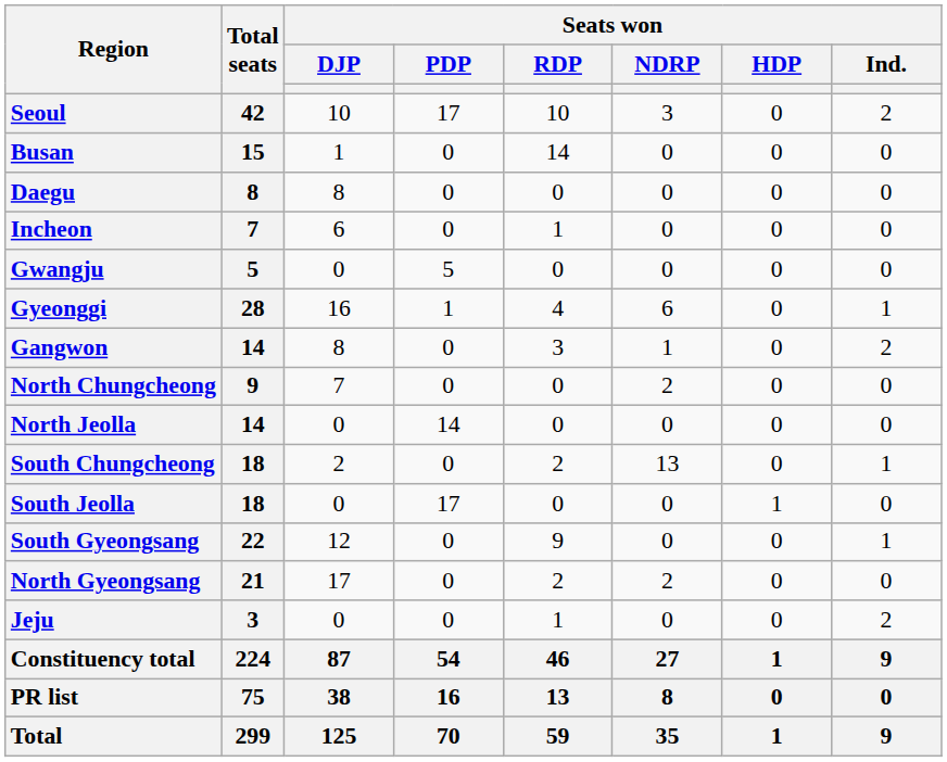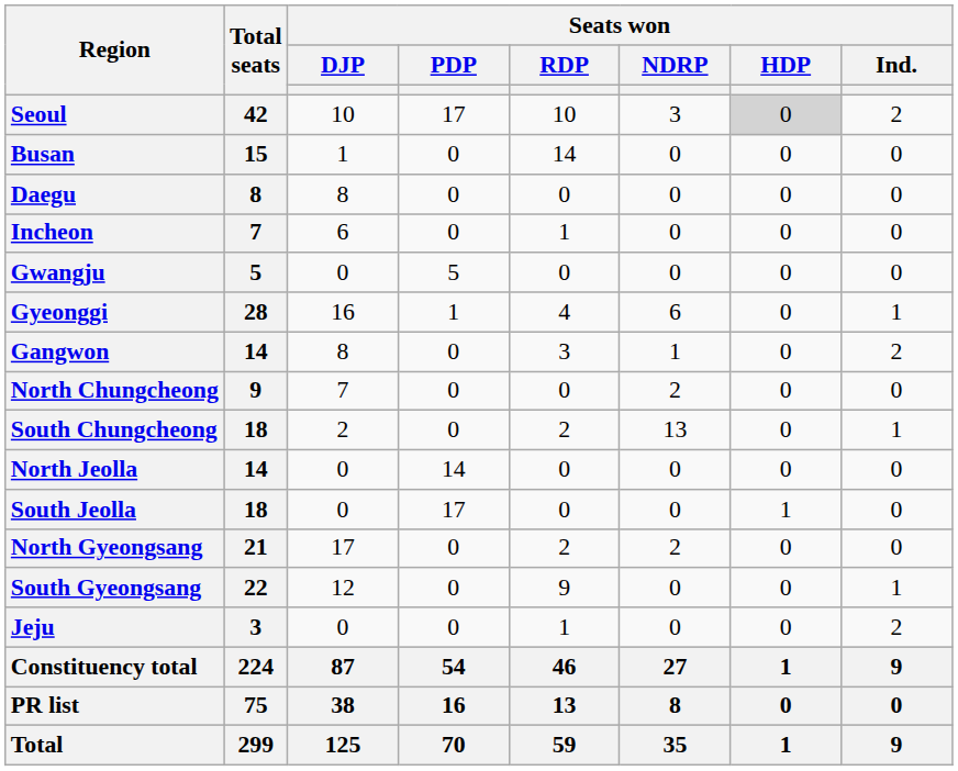 <table class="wikitable" style="text-align:center; font-size: 0.9em">
 <tr>
 <th rowspan="3">Region</th>
 <th rowspan="3">Total<br>seats</th>
 <th colspan="6">Seats won</th>
 </tr>
 <tr>
 <th class="unsortable" style="width:60px"><a href='#'>DJP</a></th>
 <th class="unsortable" style="width:60px"><a href='#'>PDP</a></th>
 <th class="unsortable" style="width:60px"><a href='#'>RDP</a></th>
 <th class="unsortable" style="width:60px"><a href='#'>NDRP</a></th>
 <th class="unsortable" style="width:60px"><a href='#'>HDP</a></th>
 <th class="unsortable" style="width:60px">Ind.</th>
 </tr>
 <tr>
 <th style="background:"></th>
 <th style="background:"></th>
 <th style="background:"></th>
 <th style="background:"></th>
 <th style="background:"></th>
 <th style="background:"></th>
 </tr>
 <tr>
 <th style="text-align: left"><a href='#'>Seoul</a></th>
 <th>42</th>
 <td>10</td>
 <td>17</td>
 <td>10</td>
 <td>3</td>
-<td>0</td>
+<td style="background: lightgrey;">0</td>
 <td>2</td>
 </tr>
 <tr>
 <th style="text-align: left"><a href='#'>Busan</a></th>
 <th>15</th>
 <td>1</td>
 <td>0</td>
 <td>14</td>
 <td>0</td>
 <td>0</td>
 <td>0</td>
 </tr>
 <tr>
 <th style="text-align: left"><a href='#'>Daegu</a></th>
 <th>8</th>
 <td>8</td>
 <td>0</td>
 <td>0</td>
 <td>0</td>
 <td>0</td>
 <td>0</td>
 </tr>
 <tr>
 <th style="text-align: left"><a href='#'>Incheon</a></th>
 <th>7</th>
 <td>6</td>
 <td>0</td>
 <td>1</td>
 <td>0</td>
 <td>0</td>
 <td>0</td>
 </tr>
 <tr>
 <th style="text-align: left"><a href='#'>Gwangju</a></th>
 <th>5</th>
 <td>0</td>
 <td>5</td>
 <td>0</td>
 <td>0</td>
 <td>0</td>
 <td>0</td>
 </tr>
 <tr>
 <th style="text-align: left"><a href='#'>Gyeonggi</a></th>
 <th>28</th>
 <td>16</td>
 <td>1</td>
 <td>4</td>
 <td>6</td>
 <td>0</td>
 <td>1</td>
 </tr>
 <tr>
 <th style="text-align: left"><a href='#'>Gangwon</a></th>
 <th>14</th>
 <td>8</td>
 <td>0</td>
 <td>3</td>
 <td>1</td>
 <td>0</td>
 <td>2</td>
 </tr>
 <tr>
 <th style="text-align: left"><a href='#'>North Chungcheong</a></th>
 <th>9</th>
 <td>7</td>
 <td>0</td>
 <td>0</td>
 <td>2</td>
 <td>0</td>
 <td>0</td>
 </tr>
 <tr>
+<th style="text-align: left"><a href='#'>South Chungcheong</a></th>
+<th>18</th>
+<td>2</td>
+<td>0</td>
+<td>2</td>
+<td>13</td>
+<td>0</td>
+<td>1</td>
+</tr>
+<tr>
 <th style="text-align: left"><a href='#'>North Jeolla</a></th>
 <th>14</th>
 <td>0</td>
 <td>14</td>
 <td>0</td>
 <td>0</td>
 <td>0</td>
 <td>0</td>
-</tr>
-<tr>
-<th style="text-align: left"><a href='#'>South Chungcheong</a></th>
-<th>18</th>
-<td>2</td>
-<td>0</td>
-<td>2</td>
-<td>13</td>
-<td>0</td>
-<td>1</td>
 </tr>
 <tr>
 <th style="text-align: left"><a href='#'>South Jeolla</a></th>
 <th>18</th>
 <td>0</td>
 <td>17</td>
 <td>0</td>
 <td>0</td>
 <td>1</td>
 <td>0</td>
 </tr>
 <tr>
+<th style="text-align: left"><a href='#'>North Gyeongsang</a></th>
+<th>21</th>
+<td>17</td>
+<td>0</td>
+<td>2</td>
+<td>2</td>
+<td>0</td>
+<td>0</td>
+</tr>
+<tr>
 <th style="text-align: left"><a href='#'>South Gyeongsang</a></th>
 <th>22</th>
 <td>12</td>
 <td>0</td>
 <td>9</td>
 <td>0</td>
 <td>0</td>
 <td>1</td>
-</tr>
-<tr>
-<th style="text-align: left"><a href='#'>North Gyeongsang</a></th>
-<th>21</th>
-<td>17</td>
-<td>0</td>
-<td>2</td>
-<td>2</td>
-<td>0</td>
-<td>0</td>
 </tr>
 <tr>
 <th style="text-align: left"><a href='#'>Jeju</a></th>
 <th>3</th>
 <td>0</td>
 <td>0</td>
 <td>1</td>
 <td>0</td>
 <td>0</td>
 <td>2</td>
 </tr>
 <tr class="sortbottom">
 <th style="text-align: left">Constituency total</th>
 <th>224</th>
 <th>87</th>
 <th>54</th>
 <th>46</th>
 <th>27</th>
 <th>1</th>
 <th>9</th>
 </tr>
 <tr>
 <th style="text-align: left">PR list</th>
 <th>75</th>
 <th>38</th>
 <th>16</th>
 <th>13</th>
 <th>8</th>
 <th>0</th>
 <th>0</th>
 </tr>
 <tr>
 <th style="text-align: left">Total</th>
 <th>299</th>
 <th>125</th>
 <th>70</th>
 <th>59</th>
 <th>35</th>
 <th>1</th>
 <th>9</th>
 </tr>
 </table>
